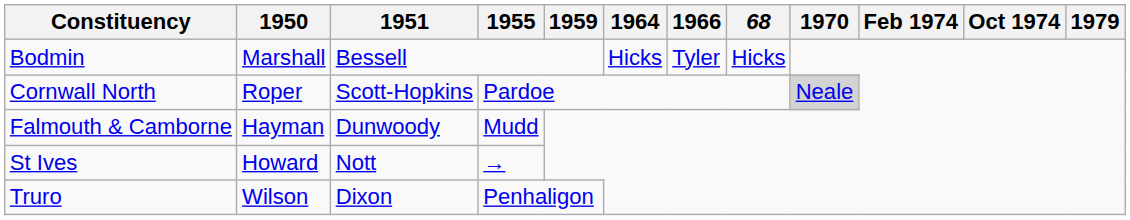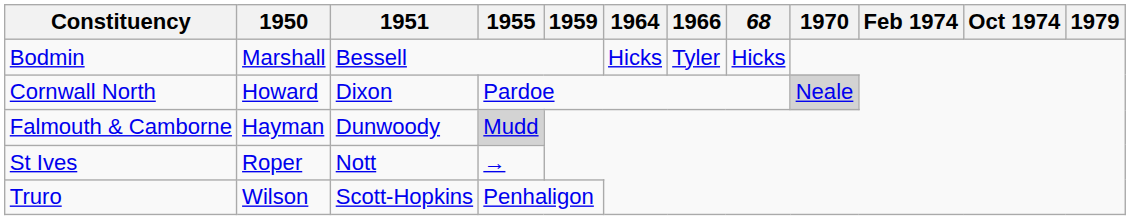 <table class="wikitable">
 <tr>
 <th>Constituency</th>
 <th>1950</th>
 <th>1951</th>
 <th>1955</th>
 <th>1959</th>
 <th>1964</th>
 <th>1966</th>
 <th><em>68</em></th>
 <th>1970</th>
 <th>Feb 1974</th>
 <th>Oct 1974</th>
 <th>1979</th>
 </tr>
 <tr>
 <td><a href='#'>Bodmin</a></td>
 <td><a href='#'>Marshall</a></td>
 <td colspan="3"><a href='#'>Bessell</a></td>
 <td><a href='#'>Hicks</a></td>
 <td><a href='#'>Tyler</a></td>
 <td><a href='#'>Hicks</a></td>
 </tr>
 <tr>
 <td><a href='#'>Cornwall North</a></td>
-<td><a href='#'>Roper</a></td>
-<td><a href='#'>Scott-Hopkins</a></td>
+<td><a href='#'>Howard</a></td>
+<td><a href='#'>Dixon</a></td>
 <td colspan="5"><a href='#'>Pardoe</a></td>
 <td style="background: lightgrey;"><a href='#'>Neale</a></td>
 </tr>
 <tr>
 <td><a href='#'>Falmouth & Camborne</a></td>
 <td><a href='#'>Hayman</a></td>
 <td><a href='#'>Dunwoody</a></td>
-<td><a href='#'>Mudd</a></td>
+<td style="background: lightgrey;"><a href='#'>Mudd</a></td>
 </tr>
 <tr>
 <td><a href='#'>St Ives</a></td>
-<td><a href='#'>Howard</a></td>
+<td><a href='#'>Roper</a></td>
 <td><a href='#'>Nott</a></td>
 <td><a href='#'>→</a></td>
 </tr>
 <tr>
 <td><a href='#'>Truro</a></td>
 <td><a href='#'>Wilson</a></td>
-<td><a href='#'>Dixon</a></td>
+<td><a href='#'>Scott-Hopkins</a></td>
 <td colspan="2"><a href='#'>Penhaligon</a></td>
 </tr>
 </table>
